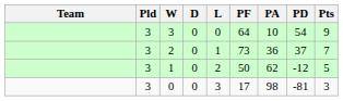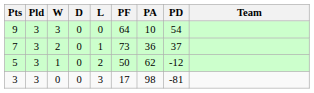 <table class="wikitable" style="text-align:center;">
 <tr>
-<th width=175>Team</th>
+<th width=25 abbr="Points">Pts</th>
 <th width=25 abbr="Played">Pld</th>
 <th width=25 abbr="Won">W</th>
 <th width=25 abbr="Drawn">D</th>
 <th width=25 abbr="Lost">L</th>
 <th width=32 abbr="Points for">PF</th>
 <th width=32 abbr="Points against">PA</th>
 <th width=32 abbr="Points difference">PD</th>
-<th width=25 abbr="Points">Pts</th>
+<th width=175>Team</th>
 </tr>
 <tr bgcolor=ccffcc>
-<td align=left></td>
+<td>9</td>
 <td>3</td>
 <td>3</td>
 <td>0</td>
 <td>0</td>
 <td>64</td>
 <td>10</td>
 <td>54</td>
-<td>9</td>
+<td align=left></td>
 </tr>
 <tr bgcolor=ccffcc>
-<td align=left></td>
+<td>7</td>
 <td>3</td>
 <td>2</td>
 <td>0</td>
 <td>1</td>
 <td>73</td>
 <td>36</td>
 <td>37</td>
-<td>7</td>
+<td align=left></td>
 </tr>
 <tr bgcolor=ccffcc>
-<td align=left></td>
+<td>5</td>
 <td>3</td>
 <td>1</td>
 <td>0</td>
 <td>2</td>
 <td>50</td>
 <td>62</td>
 <td>-12</td>
-<td>5</td>
+<td align=left></td>
 </tr>
 <tr>
-<td align=left></td>
+<td>3</td>
 <td>3</td>
 <td>0</td>
 <td>0</td>
 <td>3</td>
 <td>17</td>
 <td>98</td>
 <td>-81</td>
-<td>3</td>
+<td align=left></td>
 </tr>
 </table>
